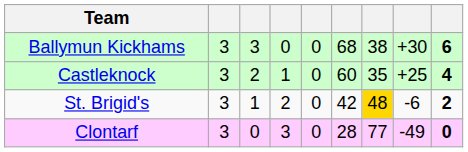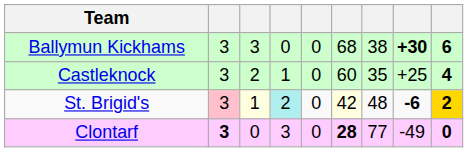 <table class="wikitable" style="text-align:center">
 <tr>
 <th style="width:175px;">Team</th>
 <th width="20"></th>
 <th width="20"></th>
 <th width="20"></th>
 <th width="20"></th>
 <th width="20"></th>
 <th width="20"></th>
 <th width="20"></th>
 <th width="20"></th>
 </tr>
 <tr style="background:#cfc;">
 <td><a href='#'>Ballymun Kickhams</a></td>
 <td>3</td>
 <td>3</td>
 <td>0</td>
 <td>0</td>
 <td>68</td>
 <td>38</td>
-<td>+30</td>
+<td><strong>+30</strong></td>
 <td><strong>6</strong></td>
 </tr>
 <tr style="background:#cfc;">
 <td><a href='#'>Castleknock</a></td>
 <td>3</td>
 <td>2</td>
 <td>1</td>
 <td>0</td>
 <td>60</td>
 <td>35</td>
 <td>+25</td>
 <td><strong>4</strong></td>
 </tr>
 <tr>
 <td><a href='#'>St. Brigid's</a></td>
-<td>3</td>
-<td>1</td>
-<td>2</td>
+<td style="background: pink;">3</td>
+<td style="background: lightyellow;">1</td>
+<td style="background: paleturquoise;">2</td>
 <td>0</td>
-<td>42</td>
-<td style="background: gold;">48</td>
-<td>-6</td>
-<td><strong>2</strong></td>
+<td style="background: lightyellow;">42</td>
+<td>48</td>
+<td><strong>-6</strong></td>
+<td style="background: gold;"><strong>2</strong></td>
 </tr>
 <tr style="background:#fcf;">
 <td><a href='#'>Clontarf</a></td>
-<td>3</td>
+<td><strong>3</strong></td>
 <td>0</td>
 <td>3</td>
 <td>0</td>
-<td>28</td>
+<td><strong>28</strong></td>
 <td>77</td>
 <td>-49</td>
 <td><strong>0</strong></td>
 </tr>
 </table>
